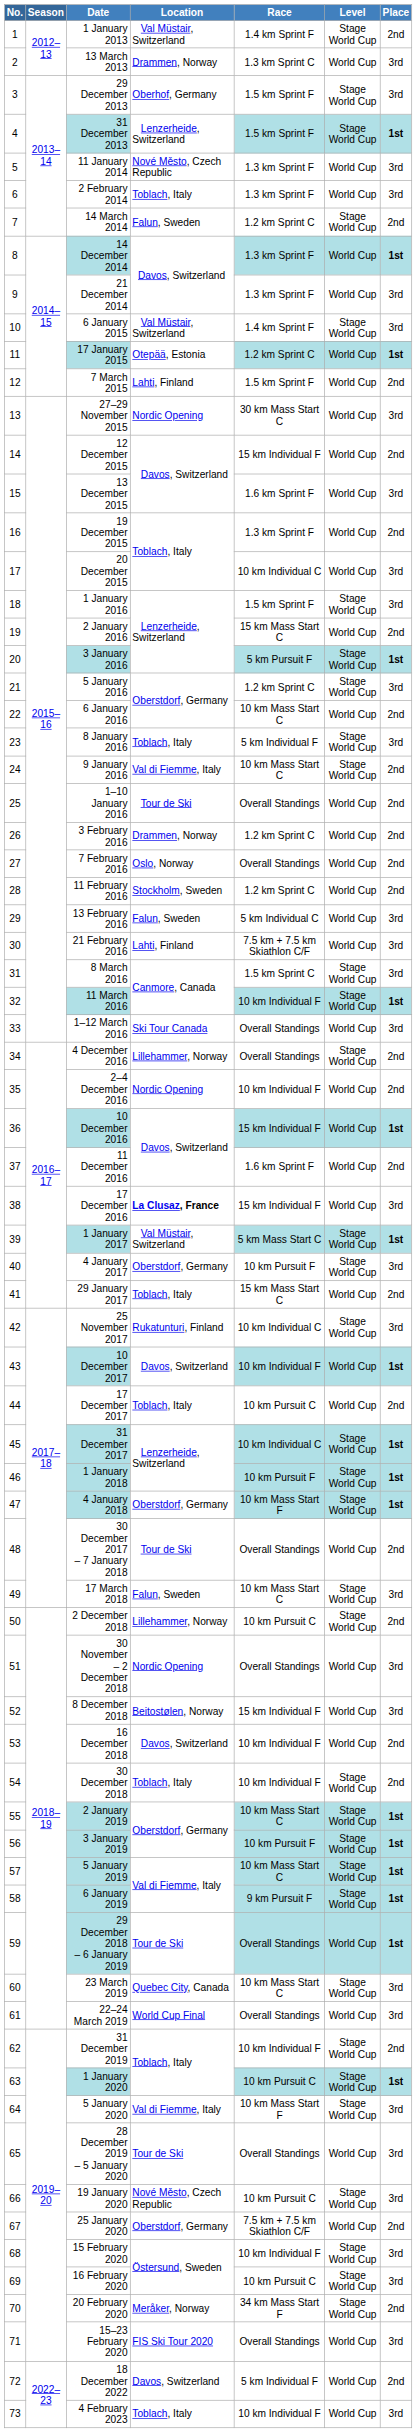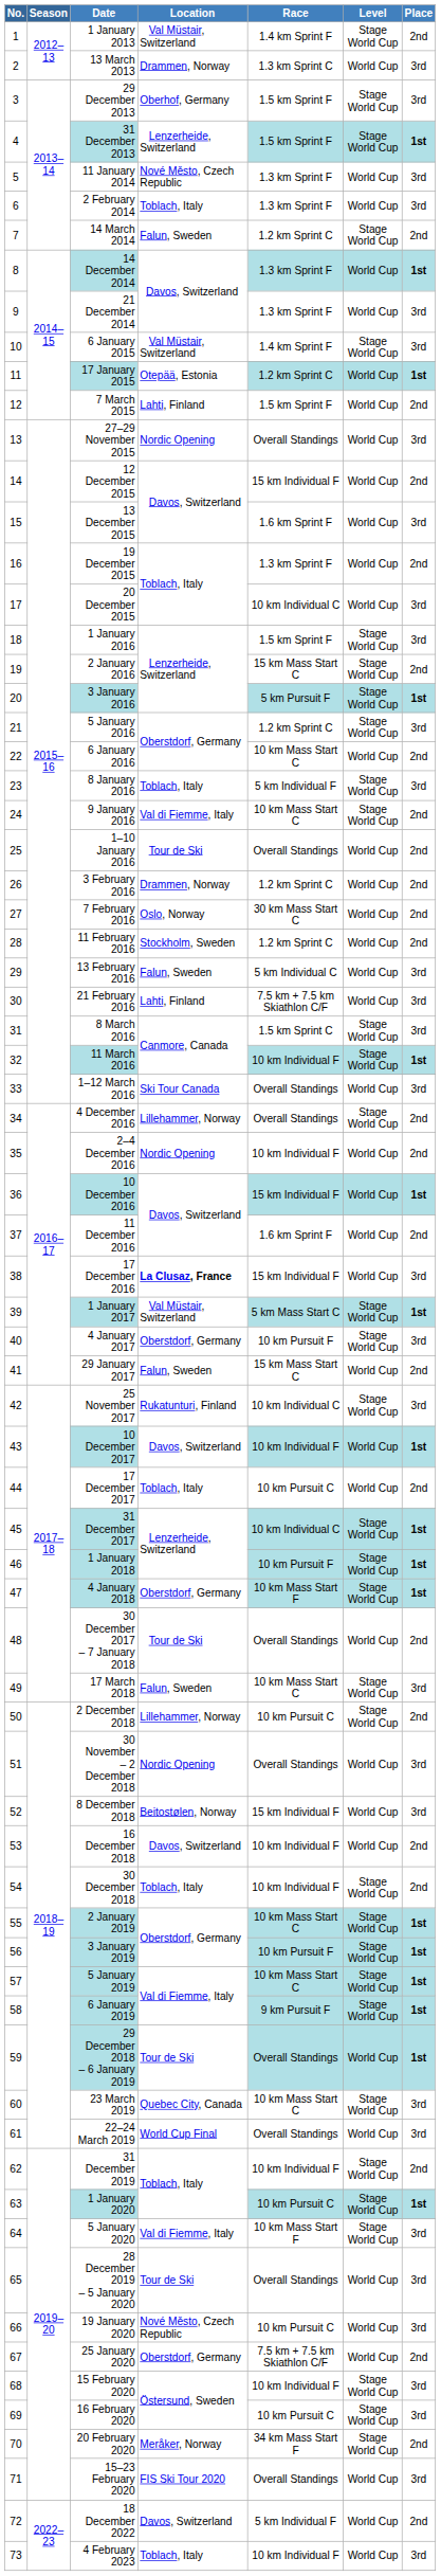 <table class="wikitable sortable" style="font-size:95%; text-align:center; border:grey solid 1px; border-collapse:collapse; background:#ffffff;">
 <tr style="background:#efefef;">
 <th style="background-color:#369; color:white;">No.</th>
 <th style="background-color:#369; color:white;">Season</th>
 <th style="background-color:#4180be; color:white; width:100px;">Date</th>
 <th style="background-color:#4180be; color:white; width:190px;">Location</th>
 <th style="background-color:#4180be; color:white; width:170px;">Race</th>
 <th style="background-color:#4180be; color:white; width:100px;">Level</th>
 <th style="background-color:#4180be; color:white;">Place</th>
 </tr>
 <tr>
 <td align=center>1</td>
 <td rowspan=2 align=center><a href='#'>2012–13</a></td>
 <td align=right>1 January 2013</td>
 <td align=left>   <a href='#'>Val Müstair</a>, Switzerland</td>
 <td>1.4 km Sprint F</td>
 <td>Stage World Cup</td>
 <td>2nd</td>
 </tr>
 <tr>
 <td align=center>2</td>
 <td align=right>13 March 2013</td>
 <td align=left> <a href='#'>Drammen</a>, Norway</td>
 <td>1.3 km Sprint C</td>
 <td>World Cup</td>
 <td>3rd</td>
 </tr>
 <tr>
 <td align=center>3</td>
 <td rowspan=5 align=center><a href='#'>2013–14</a></td>
 <td align=right>29 December 2013</td>
 <td align=left> <a href='#'>Oberhof</a>, Germany</td>
 <td>1.5 km Sprint F</td>
 <td>Stage World Cup</td>
 <td>3rd</td>
 </tr>
 <tr>
 <td align=center>4</td>
 <td bgcolor="#BOEOE6" align=right>31 December 2013</td>
 <td align=left>   <a href='#'>Lenzerheide</a>, Switzerland</td>
 <td bgcolor="#BOEOE6">1.5 km Sprint F</td>
 <td bgcolor="#BOEOE6">Stage World Cup</td>
 <td bgcolor="#BOEOE6"><strong>1st</strong></td>
 </tr>
 <tr>
 <td align=center>5</td>
 <td align=right>11 January 2014</td>
 <td align=left> <a href='#'>Nové Město</a>, Czech Republic</td>
 <td>1.3 km Sprint F</td>
 <td>World Cup</td>
 <td>3rd</td>
 </tr>
 <tr>
 <td align=center>6</td>
 <td align=right>2 February 2014</td>
 <td align=left> <a href='#'>Toblach</a>, Italy</td>
 <td>1.3 km Sprint F</td>
 <td>World Cup</td>
 <td>3rd</td>
 </tr>
 <tr>
 <td align=center>7</td>
 <td align=right>14 March 2014</td>
 <td align=left> <a href='#'>Falun</a>, Sweden</td>
 <td>1.2 km Sprint C</td>
 <td>Stage World Cup</td>
 <td>2nd</td>
 </tr>
 <tr>
 <td align=center>8</td>
 <td rowspan=5 align=center><a href='#'>2014–15</a></td>
 <td bgcolor="#BOEOE6" align=right>14 December 2014</td>
 <td rowspan=2 align=left>  <a href='#'>Davos</a>, Switzerland</td>
 <td bgcolor="#BOEOE6">1.3 km Sprint F</td>
 <td bgcolor="#BOEOE6">World Cup</td>
 <td bgcolor="#BOEOE6"><strong>1st</strong></td>
 </tr>
 <tr>
 <td align=center>9</td>
 <td align=right>21 December 2014</td>
 <td>1.3 km Sprint F</td>
 <td>World Cup</td>
 <td>3rd</td>
 </tr>
 <tr>
 <td align=center>10</td>
 <td align=right>6 January 2015</td>
 <td align=left>   <a href='#'>Val Müstair</a>, Switzerland</td>
 <td>1.4 km Sprint F</td>
 <td>Stage World Cup</td>
 <td>3rd</td>
 </tr>
 <tr>
 <td align=center>11</td>
 <td bgcolor="#BOEOE6" align=right>17 January 2015</td>
 <td align=left> <a href='#'>Otepää</a>, Estonia</td>
 <td bgcolor="#BOEOE6">1.2 km Sprint C</td>
 <td bgcolor="#BOEOE6">World Cup</td>
 <td bgcolor="#BOEOE6"><strong>1st</strong></td>
 </tr>
 <tr>
 <td align=center>12</td>
 <td align=right>7 March 2015</td>
 <td align=left> <a href='#'>Lahti</a>, Finland</td>
 <td>1.5 km Sprint F</td>
 <td>World Cup</td>
 <td>2nd</td>
 </tr>
 <tr>
 <td align=center>13</td>
 <td rowspan=21 align=center><a href='#'>2015–16</a></td>
 <td align=right>27–29 November 2015</td>
 <td align=left> <a href='#'>Nordic Opening</a></td>
-<td>30 km Mass Start C</td>
+<td>Overall Standings</td>
 <td>World Cup</td>
 <td>3rd</td>
 </tr>
 <tr>
 <td align=center>14</td>
 <td align=right>12 December 2015</td>
 <td rowspan=2 align=left>   <a href='#'>Davos</a>, Switzerland</td>
 <td>15 km Individual F</td>
 <td>World Cup</td>
 <td>2nd</td>
 </tr>
 <tr>
 <td align=center>15</td>
 <td align=right>13 December 2015</td>
 <td>1.6 km Sprint F</td>
 <td>World Cup</td>
 <td>3rd</td>
 </tr>
 <tr>
 <td align=center>16</td>
 <td align=right>19 December 2015</td>
 <td rowspan=2 align=left> <a href='#'>Toblach</a>, Italy</td>
 <td>1.3 km Sprint F</td>
 <td>World Cup</td>
 <td>2nd</td>
 </tr>
 <tr>
 <td align=center>17</td>
 <td align=right>20 December 2015</td>
 <td>10 km Individual C</td>
 <td>World Cup</td>
 <td>3rd</td>
 </tr>
 <tr>
 <td align=center>18</td>
 <td align=right>1 January 2016</td>
 <td rowspan=3 align=left>   <a href='#'>Lenzerheide</a>, Switzerland</td>
 <td>1.5 km Sprint F</td>
 <td>Stage World Cup</td>
 <td>3rd</td>
 </tr>
 <tr>
 <td align=center>19</td>
 <td align=right>2 January 2016</td>
 <td>15 km Mass Start C</td>
-<td>World Cup</td>
+<td>Stage World Cup</td>
 <td>2nd</td>
 </tr>
 <tr>
 <td align=center>20</td>
 <td bgcolor="#BOEOE6" align=right>3 January 2016</td>
 <td bgcolor="#BOEOE6">5 km Pursuit F</td>
 <td bgcolor="#BOEOE6">Stage World Cup</td>
 <td bgcolor="#BOEOE6"><strong>1st</strong></td>
 </tr>
 <tr>
 <td align=center>21</td>
 <td align=right>5 January 2016</td>
 <td rowspan=2 align=left> <a href='#'>Oberstdorf</a>, Germany</td>
 <td>1.2 km Sprint C</td>
 <td>Stage World Cup</td>
 <td>3rd</td>
 </tr>
 <tr>
 <td align=center>22</td>
 <td align=right>6 January 2016</td>
 <td>10 km Mass Start C</td>
 <td>World Cup</td>
 <td>2nd</td>
 </tr>
 <tr>
 <td align=center>23</td>
 <td align=right>8 January 2016</td>
 <td align=left> <a href='#'>Toblach</a>, Italy</td>
 <td>5 km Individual F</td>
 <td>Stage World Cup</td>
 <td>3rd</td>
 </tr>
 <tr>
 <td align=center>24</td>
 <td align=right>9 January 2016</td>
 <td align=left> <a href='#'>Val di Fiemme</a>, Italy</td>
 <td>10 km Mass Start C</td>
 <td>Stage World Cup</td>
 <td>2nd</td>
 </tr>
 <tr>
 <td align=center>25</td>
 <td align=right>1–10 January 2016</td>
 <td align=left>   <a href='#'>Tour de Ski</a></td>
 <td>Overall Standings</td>
 <td>World Cup</td>
 <td>2nd</td>
 </tr>
 <tr>
 <td align=center>26</td>
 <td align=right>3 February 2016</td>
 <td align=left> <a href='#'>Drammen</a>, Norway</td>
 <td>1.2 km Sprint C</td>
 <td>World Cup</td>
 <td>2nd</td>
 </tr>
 <tr>
 <td align=center>27</td>
 <td align=right>7 February 2016</td>
 <td align=left> <a href='#'>Oslo</a>, Norway</td>
-<td>Overall Standings</td>
+<td>30 km Mass Start C</td>
 <td>World Cup</td>
 <td>2nd</td>
 </tr>
 <tr>
 <td align=center>28</td>
 <td align=right>11 February 2016</td>
 <td align=left> <a href='#'>Stockholm</a>, Sweden</td>
 <td>1.2 km Sprint C</td>
 <td>World Cup</td>
 <td>2nd</td>
 </tr>
 <tr>
 <td align=center>29</td>
 <td align=right>13 February 2016</td>
 <td align=left> <a href='#'>Falun</a>, Sweden</td>
 <td>5 km Individual C</td>
 <td>World Cup</td>
 <td>3rd</td>
 </tr>
 <tr>
 <td align=center>30</td>
 <td align=right>21 February 2016</td>
 <td align=left> <a href='#'>Lahti</a>, Finland</td>
 <td>7.5 km + 7.5 km Skiathlon C/F</td>
 <td>World Cup</td>
 <td>3rd</td>
 </tr>
 <tr>
 <td align=center>31</td>
 <td align=right>8 March 2016</td>
 <td rowspan=2 align=left> <a href='#'>Canmore</a>, Canada</td>
 <td>1.5 km Sprint C</td>
 <td>Stage World Cup</td>
 <td>3rd</td>
 </tr>
 <tr>
 <td align=center>32</td>
 <td bgcolor="#BOEOE6" align=right>11 March 2016</td>
 <td bgcolor="#BOEOE6">10 km Individual F</td>
 <td bgcolor="#BOEOE6">Stage World Cup</td>
 <td bgcolor="#BOEOE6"><strong>1st</strong></td>
 </tr>
 <tr>
 <td align=center>33</td>
 <td align=right>1–12 March 2016</td>
 <td align=left> <a href='#'>Ski Tour Canada</a></td>
 <td>Overall Standings</td>
 <td>World Cup</td>
 <td>3rd</td>
 </tr>
 <tr>
 <td align=center>34</td>
 <td rowspan=8 align=center><a href='#'>2016–17</a></td>
 <td align=right>4 December 2016</td>
 <td align=left> <a href='#'>Lillehammer</a>, Norway</td>
 <td>Overall Standings</td>
 <td>Stage World Cup</td>
 <td>2nd</td>
 </tr>
 <tr>
 <td align=center>35</td>
 <td align=right>2–4 December 2016</td>
 <td align=left> <a href='#'>Nordic Opening</a></td>
 <td>10 km Individual F</td>
 <td>World Cup</td>
 <td>2nd</td>
 </tr>
 <tr>
 <td align=center>36</td>
 <td bgcolor="#BOEOE6" align=right>10 December 2016</td>
 <td rowspan=2 align=left>   <a href='#'>Davos</a>, Switzerland</td>
 <td bgcolor="#BOEOE6">15 km Individual F</td>
 <td bgcolor="#BOEOE6">World Cup</td>
 <td bgcolor="#BOEOE6"><strong>1st</strong></td>
 </tr>
 <tr>
 <td align=center>37</td>
 <td align=right>11 December 2016</td>
 <td>1.6 km Sprint F</td>
 <td>World Cup</td>
 <td>2nd</td>
 </tr>
 <tr>
 <td align=center>38</td>
 <td align=right>17 December 2016</td>
 <td align=left><strong> <a href='#'>La Clusaz</a>, France</strong></td>
 <td>15 km Individual F</td>
 <td>World Cup</td>
 <td>3rd</td>
 </tr>
 <tr>
 <td align=center>39</td>
 <td bgcolor="#BOEOE6" align=right>1 January 2017</td>
 <td align=left>   <a href='#'>Val Müstair</a>, Switzerland</td>
 <td bgcolor="#BOEOE6">5 km Mass Start C</td>
 <td bgcolor="#BOEOE6">Stage World Cup</td>
 <td bgcolor="#BOEOE6"><strong>1st</strong></td>
 </tr>
 <tr>
 <td align=center>40</td>
 <td align=right>4 January 2017</td>
 <td align=left> <a href='#'>Oberstdorf</a>, Germany</td>
 <td>10 km Pursuit F</td>
 <td>Stage World Cup</td>
 <td>3rd</td>
 </tr>
 <tr>
 <td align=center>41</td>
 <td align=right>29 January 2017</td>
-<td align=left> <a href='#'>Toblach</a>, Italy</td>
+<td align=left> <a href='#'>Falun</a>, Sweden</td>
 <td>15 km Mass Start C</td>
 <td>World Cup</td>
 <td>2nd</td>
 </tr>
 <tr>
 <td align=center>42</td>
 <td rowspan=8 align=center><a href='#'>2017–18</a></td>
 <td align=right>25 November 2017</td>
 <td align=left> <a href='#'>Rukatunturi</a>, Finland</td>
 <td>10 km Individual C</td>
 <td>Stage World Cup</td>
 <td>3rd</td>
 </tr>
 <tr>
 <td align=center>43</td>
 <td bgcolor="#BOEOE6" align=right>10 December 2017</td>
 <td align=left>   <a href='#'>Davos</a>, Switzerland</td>
 <td bgcolor="#BOEOE6">10 km Individual F</td>
 <td bgcolor="#BOEOE6">World Cup</td>
 <td bgcolor="#BOEOE6"><strong>1st</strong></td>
 </tr>
 <tr>
 <td align=center>44</td>
 <td align=right>17 December 2017</td>
 <td align=left> <a href='#'>Toblach</a>, Italy</td>
 <td>10 km Pursuit C</td>
 <td>World Cup</td>
 <td>2nd</td>
 </tr>
 <tr>
 <td align=center>45</td>
 <td bgcolor="#BOEOE6" align=right>31 December 2017</td>
 <td rowspan=2 align=left>   <a href='#'>Lenzerheide</a>, Switzerland</td>
 <td bgcolor="#BOEOE6">10 km Individual C</td>
 <td bgcolor="#BOEOE6">Stage World Cup</td>
 <td bgcolor="#BOEOE6"><strong>1st</strong></td>
 </tr>
 <tr>
 <td align=center>46</td>
 <td bgcolor="#BOEOE6" align=right>1 January 2018</td>
 <td bgcolor="#BOEOE6">10 km Pursuit F</td>
 <td bgcolor="#BOEOE6">Stage World Cup</td>
 <td bgcolor="#BOEOE6"><strong>1st</strong></td>
 </tr>
 <tr>
 <td align=center>47</td>
 <td bgcolor="#BOEOE6" align=right>4 January 2018</td>
 <td align=left> <a href='#'>Oberstdorf</a>, Germany</td>
 <td bgcolor="#BOEOE6">10 km Mass Start F</td>
 <td bgcolor="#BOEOE6">Stage World Cup</td>
 <td bgcolor="#BOEOE6"><strong>1st</strong></td>
 </tr>
 <tr>
 <td align=center>48</td>
 <td align=right>30 December 2017<br>– 7 January 2018</td>
 <td align=left>   <a href='#'>Tour de Ski</a></td>
 <td>Overall Standings</td>
 <td>World Cup</td>
 <td>2nd</td>
 </tr>
 <tr>
 <td align=center>49</td>
 <td align=right>17 March 2018</td>
 <td align=left> <a href='#'>Falun</a>, Sweden</td>
 <td>10 km Mass Start C</td>
 <td>Stage World Cup</td>
 <td>3rd</td>
 </tr>
 <tr>
 <td align=center>50</td>
 <td rowspan=12 align=center><a href='#'>2018–19</a></td>
 <td align=right>2 December 2018</td>
 <td align=left> <a href='#'>Lillehammer</a>, Norway</td>
 <td>10 km Pursuit C</td>
 <td>Stage World Cup</td>
 <td>2nd</td>
 </tr>
 <tr>
 <td align=center>51</td>
 <td align=right>30 November<br>– 2 December 2018</td>
 <td align=left> <a href='#'>Nordic Opening</a></td>
 <td>Overall Standings</td>
 <td>World Cup</td>
 <td>3rd</td>
 </tr>
 <tr>
 <td align=center>52</td>
 <td align=right>8 December 2018</td>
 <td align=left> <a href='#'>Beitostølen</a>, Norway</td>
 <td>15 km Individual F</td>
 <td>World Cup</td>
 <td>3rd</td>
 </tr>
 <tr>
 <td align=center>53</td>
 <td align=right>16 December 2018</td>
 <td align=left>   <a href='#'>Davos</a>, Switzerland</td>
 <td>10 km Individual F</td>
 <td>World Cup</td>
 <td>2nd</td>
 </tr>
 <tr>
 <td align=center>54</td>
 <td align=right>30 December 2018</td>
 <td align=left> <a href='#'>Toblach</a>, Italy</td>
 <td>10 km Individual F</td>
 <td>Stage World Cup</td>
 <td>2nd</td>
 </tr>
 <tr>
 <td align=center>55</td>
 <td bgcolor="#BOEOE6" align=right>2 January 2019</td>
 <td rowspan=2 align=left> <a href='#'>Oberstdorf</a>, Germany</td>
 <td bgcolor="#BOEOE6">10 km Mass Start C</td>
 <td bgcolor="#BOEOE6">Stage World Cup</td>
 <td bgcolor="#BOEOE6"><strong>1st</strong></td>
 </tr>
 <tr>
 <td align=center>56</td>
 <td bgcolor="#BOEOE6" align=right>3 January 2019</td>
 <td bgcolor="#BOEOE6">10 km Pursuit F</td>
 <td bgcolor="#BOEOE6">Stage World Cup</td>
 <td bgcolor="#BOEOE6"><strong>1st</strong></td>
 </tr>
 <tr>
 <td align=center>57</td>
 <td bgcolor="#BOEOE6" align=right>5 January 2019</td>
 <td rowspan=2 align=left> <a href='#'>Val di Fiemme</a>, Italy</td>
 <td bgcolor="#BOEOE6">10 km Mass Start C</td>
 <td bgcolor="#BOEOE6">Stage World Cup</td>
 <td bgcolor="#BOEOE6"><strong>1st</strong></td>
 </tr>
 <tr>
 <td align=center>58</td>
 <td bgcolor="#BOEOE6" align=right>6 January 2019</td>
 <td bgcolor="#BOEOE6">9 km Pursuit F</td>
 <td bgcolor="#BOEOE6">Stage World Cup</td>
 <td bgcolor="#BOEOE6"><strong>1st</strong></td>
 </tr>
 <tr>
 <td align=center>59</td>
 <td bgcolor="#BOEOE6" align=right>29 December 2018<br>– 6 January 2019</td>
 <td align=left> <a href='#'>Tour de Ski</a></td>
 <td bgcolor="#BOEOE6">Overall Standings</td>
 <td bgcolor="#BOEOE6">World Cup</td>
 <td bgcolor="#BOEOE6"><strong>1st</strong></td>
 </tr>
 <tr>
 <td align=center>60</td>
 <td align=right>23 March 2019</td>
 <td align=left> <a href='#'>Quebec City</a>, Canada</td>
 <td>10 km Mass Start C</td>
 <td>Stage World Cup</td>
 <td>3rd</td>
 </tr>
 <tr>
 <td align=center>61</td>
 <td align=right>22–24 March 2019</td>
 <td align=left> <a href='#'>World Cup Final</a></td>
 <td>Overall Standings</td>
 <td>World Cup</td>
 <td>3rd</td>
 </tr>
 <tr>
 <td align=center>62</td>
 <td rowspan=10 align=center><a href='#'>2019–20</a></td>
 <td align=right>31 December 2019</td>
 <td rowspan=2 align=left> <a href='#'>Toblach</a>, Italy</td>
 <td>10 km Individual F</td>
 <td>Stage World Cup</td>
 <td>2nd</td>
 </tr>
 <tr>
 <td align=center>63</td>
 <td bgcolor="#BOEOE6" align=right>1 January 2020</td>
 <td bgcolor="#BOEOE6">10 km Pursuit C</td>
 <td bgcolor="#BOEOE6">Stage World Cup</td>
 <td bgcolor="#BOEOE6"><strong>1st</strong></td>
 </tr>
 <tr>
 <td align=center>64</td>
 <td align=right>5 January 2020</td>
 <td align=left> <a href='#'>Val di Fiemme</a>, Italy</td>
 <td>10 km Mass Start F</td>
 <td>Stage World Cup</td>
 <td>3rd</td>
 </tr>
 <tr>
 <td align=center>65</td>
 <td align=right>28 December 2019<br>– 5 January 2020</td>
 <td align=left> <a href='#'>Tour de Ski</a></td>
 <td>Overall Standings</td>
 <td>World Cup</td>
 <td>3rd</td>
 </tr>
 <tr>
 <td align=center>66</td>
 <td align=right>19 January 2020</td>
 <td align=left> <a href='#'>Nové Město</a>, Czech Republic</td>
 <td>10 km Pursuit C</td>
-<td>Stage World Cup</td>
+<td>World Cup</td>
 <td>3rd</td>
 </tr>
 <tr>
 <td align=center>67</td>
 <td align=right>25 January 2020</td>
 <td align=left> <a href='#'>Oberstdorf</a>, Germany</td>
 <td>7.5 km + 7.5 km Skiathlon C/F</td>
 <td>World Cup</td>
 <td>2nd</td>
 </tr>
 <tr>
 <td align=center>68</td>
 <td align=right>15 February 2020</td>
 <td rowspan=2 align=left> <a href='#'>Östersund</a>, Sweden</td>
 <td>10 km Individual F</td>
 <td>Stage World Cup</td>
 <td>3rd</td>
 </tr>
 <tr>
 <td align=center>69</td>
 <td align=right>16 February 2020</td>
 <td>10 km Pursuit C</td>
 <td>Stage World Cup</td>
 <td>3rd</td>
 </tr>
 <tr>
 <td align=center>70</td>
 <td align=right>20 February 2020</td>
 <td align=left> <a href='#'>Meråker</a>, Norway</td>
 <td>34 km Mass Start F</td>
 <td>Stage World Cup</td>
 <td>2nd</td>
 </tr>
 <tr>
 <td align=center>71</td>
 <td align=right>15–23 February 2020</td>
 <td align=left> <a href='#'>FIS Ski Tour 2020</a></td>
 <td>Overall Standings</td>
 <td>World Cup</td>
 <td>3rd</td>
 </tr>
 <tr>
 <td align=center>72</td>
 <td rowspan=2 align=center><a href='#'>2022–23</a></td>
 <td align=right>18 December 2022</td>
 <td align=left> <a href='#'>Davos</a>, Switzerland</td>
 <td>5 km Individual F</td>
 <td>World Cup</td>
 <td>2nd</td>
 </tr>
 <tr>
 <td align=center>73</td>
 <td align=right>4 February 2023</td>
 <td align=left> <a href='#'>Toblach</a>, Italy</td>
 <td>10 km Individual F</td>
 <td>World Cup</td>
 <td>3rd</td>
 </tr>
 </table>
